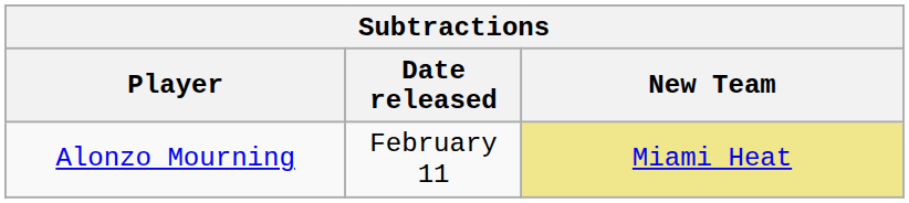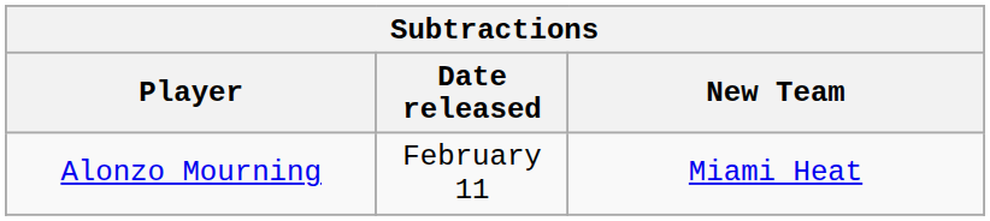 <table class="wikitable" style="text-align:center">
 <tr>
 <th colspan=3>Subtractions</th>
 </tr>
 <tr>
 <th style="width:160px">Player</th>
 <th style="width:80px">Date released</th>
 <th style="width:180px">New Team</th>
 </tr>
 <tr>
 <td><a href='#'>Alonzo Mourning</a></td>
 <td>February 11</td>
-<td style="background: khaki;"><a href='#'>Miami Heat</a></td>
+<td><a href='#'>Miami Heat</a></td>
 </tr>
 </table>
